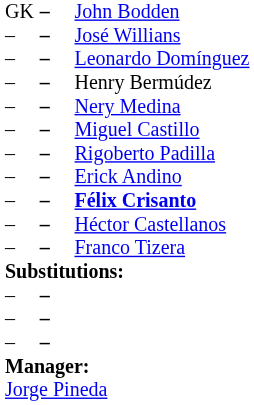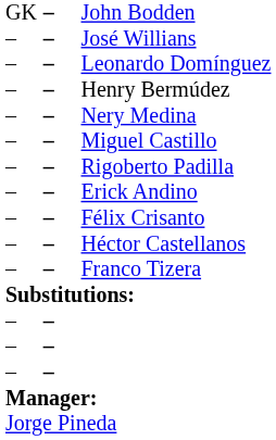 <table style = "font-size: 90%" cellspacing = "0" cellpadding = "0">
 <tr>
 <td colspan = 4></td>
 </tr>
 <tr>
 <th style="width:25px;"></th>
 <th style="width:25px;"></th>
 </tr>
 <tr>
 <td>GK</td>
 <td><strong>–</strong></td>
 <td> <a href='#'>John Bodden</a></td>
 </tr>
 <tr>
 <td>–</td>
 <td><strong>–</strong></td>
 <td> <a href='#'>José Willians</a></td>
 </tr>
 <tr>
 <td>–</td>
 <td><strong>–</strong></td>
 <td> <a href='#'>Leonardo Domínguez</a></td>
 </tr>
 <tr>
 <td>–</td>
 <td><strong>–</strong></td>
 <td> Henry Bermúdez</td>
 </tr>
 <tr>
 <td>–</td>
 <td><strong>–</strong></td>
 <td> <a href='#'>Nery Medina</a></td>
 </tr>
 <tr>
 <td>–</td>
 <td><strong>–</strong></td>
 <td> <a href='#'>Miguel Castillo</a></td>
 </tr>
 <tr>
 <td>–</td>
 <td><strong>–</strong></td>
 <td> <a href='#'>Rigoberto Padilla</a></td>
 </tr>
 <tr>
 <td>–</td>
 <td><strong>–</strong></td>
 <td> <a href='#'>Erick Andino</a></td>
 </tr>
 <tr>
 <td>–</td>
 <td><strong>–</strong></td>
-<td><strong> <a href='#'>Félix Crisanto</a></strong></td>
+<td> <a href='#'>Félix Crisanto</a></td>
 </tr>
 <tr>
 <td>–</td>
 <td><strong>–</strong></td>
 <td> <a href='#'>Héctor Castellanos</a></td>
 </tr>
 <tr>
 <td>–</td>
 <td><strong>–</strong></td>
 <td> <a href='#'>Franco Tizera</a></td>
 </tr>
 <tr>
 <td colspan = 3><strong>Substitutions:</strong></td>
 </tr>
 <tr>
 <td>–</td>
 <td><strong>–</strong></td>
 <td></td>
 </tr>
 <tr>
 <td>–</td>
 <td><strong>–</strong></td>
 <td></td>
 </tr>
 <tr>
 <td>–</td>
 <td><strong>–</strong></td>
 <td></td>
 </tr>
 <tr>
 <td colspan = 3><strong>Manager:</strong></td>
 </tr>
 <tr>
 <td colspan = 3> <a href='#'>Jorge Pineda</a></td>
 </tr>
 </table>
